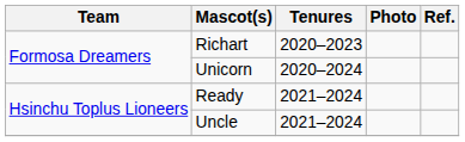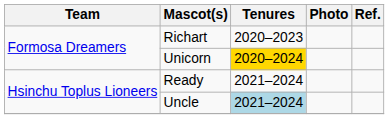 <table class="wikitable">
 <tr>
 <th>Team</th>
 <th>Mascot(s)</th>
 <th>Tenures</th>
 <th>Photo</th>
 <th>Ref.</th>
 </tr>
 <tr>
 <td rowspan=2><a href='#'>Formosa Dreamers</a></td>
 <td>Richart</td>
 <td>2020–2023</td>
 <td></td>
 <td></td>
 </tr>
 <tr>
 <td>Unicorn</td>
-<td>2020–2024</td>
+<td style="background: gold;">2020–2024</td>
 <td></td>
 <td></td>
 </tr>
 <tr>
 <td rowspan=2><a href='#'>Hsinchu Toplus Lioneers</a></td>
 <td>Ready</td>
 <td>2021–2024</td>
 <td></td>
 <td></td>
 </tr>
 <tr>
 <td>Uncle</td>
-<td>2021–2024</td>
+<td style="background: lightblue;">2021–2024</td>
 <td></td>
 <td></td>
 </tr>
 <tr>
 </tr>
 </table>
